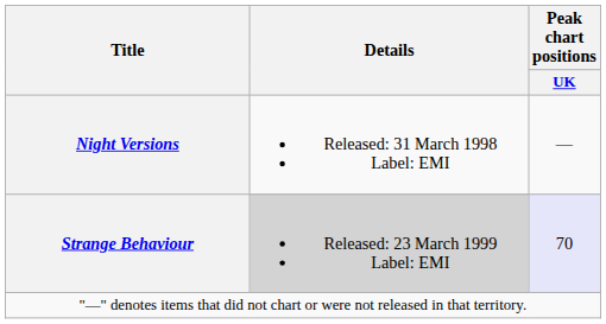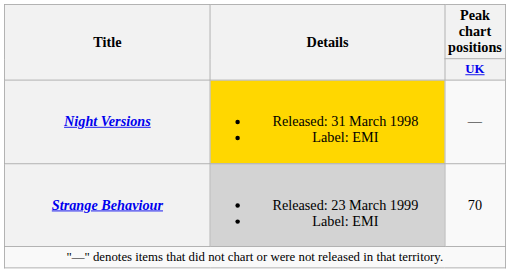 <table class="wikitable plainrowheaders" style="text-align:center;">
 <tr>
 <th scope="col" rowspan="2" style="width:14em;">Title</th>
 <th scope="col" rowspan="2" style="width:16em;">Details</th>
 <th scope="col" colspan="1">Peak chart positions</th>
 </tr>
 <tr>
 <th style="width:2em;font-size:90%;"><a href='#'>UK</a><br></th>
 </tr>
 <tr>
 <th scope="row"><em><a href='#'>Night Versions</a></em></th>
-<td><br><ul><li>Released: 31 March 1998</li><li>Label: EMI</li></ul></td>
+<td style="background: gold;"><br><ul><li>Released: 31 March 1998</li><li>Label: EMI</li></ul></td>
 <td>—</td>
 </tr>
 <tr>
 <th scope="row"><em><a href='#'>Strange Behaviour</a></em></th>
 <td style="background: lightgrey;"><br><ul><li>Released: 23 March 1999</li><li>Label: EMI</li></ul></td>
-<td style="background: lavender;">70</td>
+<td>70</td>
 </tr>
 <tr>
 <td colspan="15" style="font-size:90%">"—" denotes items that did not chart or were not released in that territory.</td>
 </tr>
 </table>
